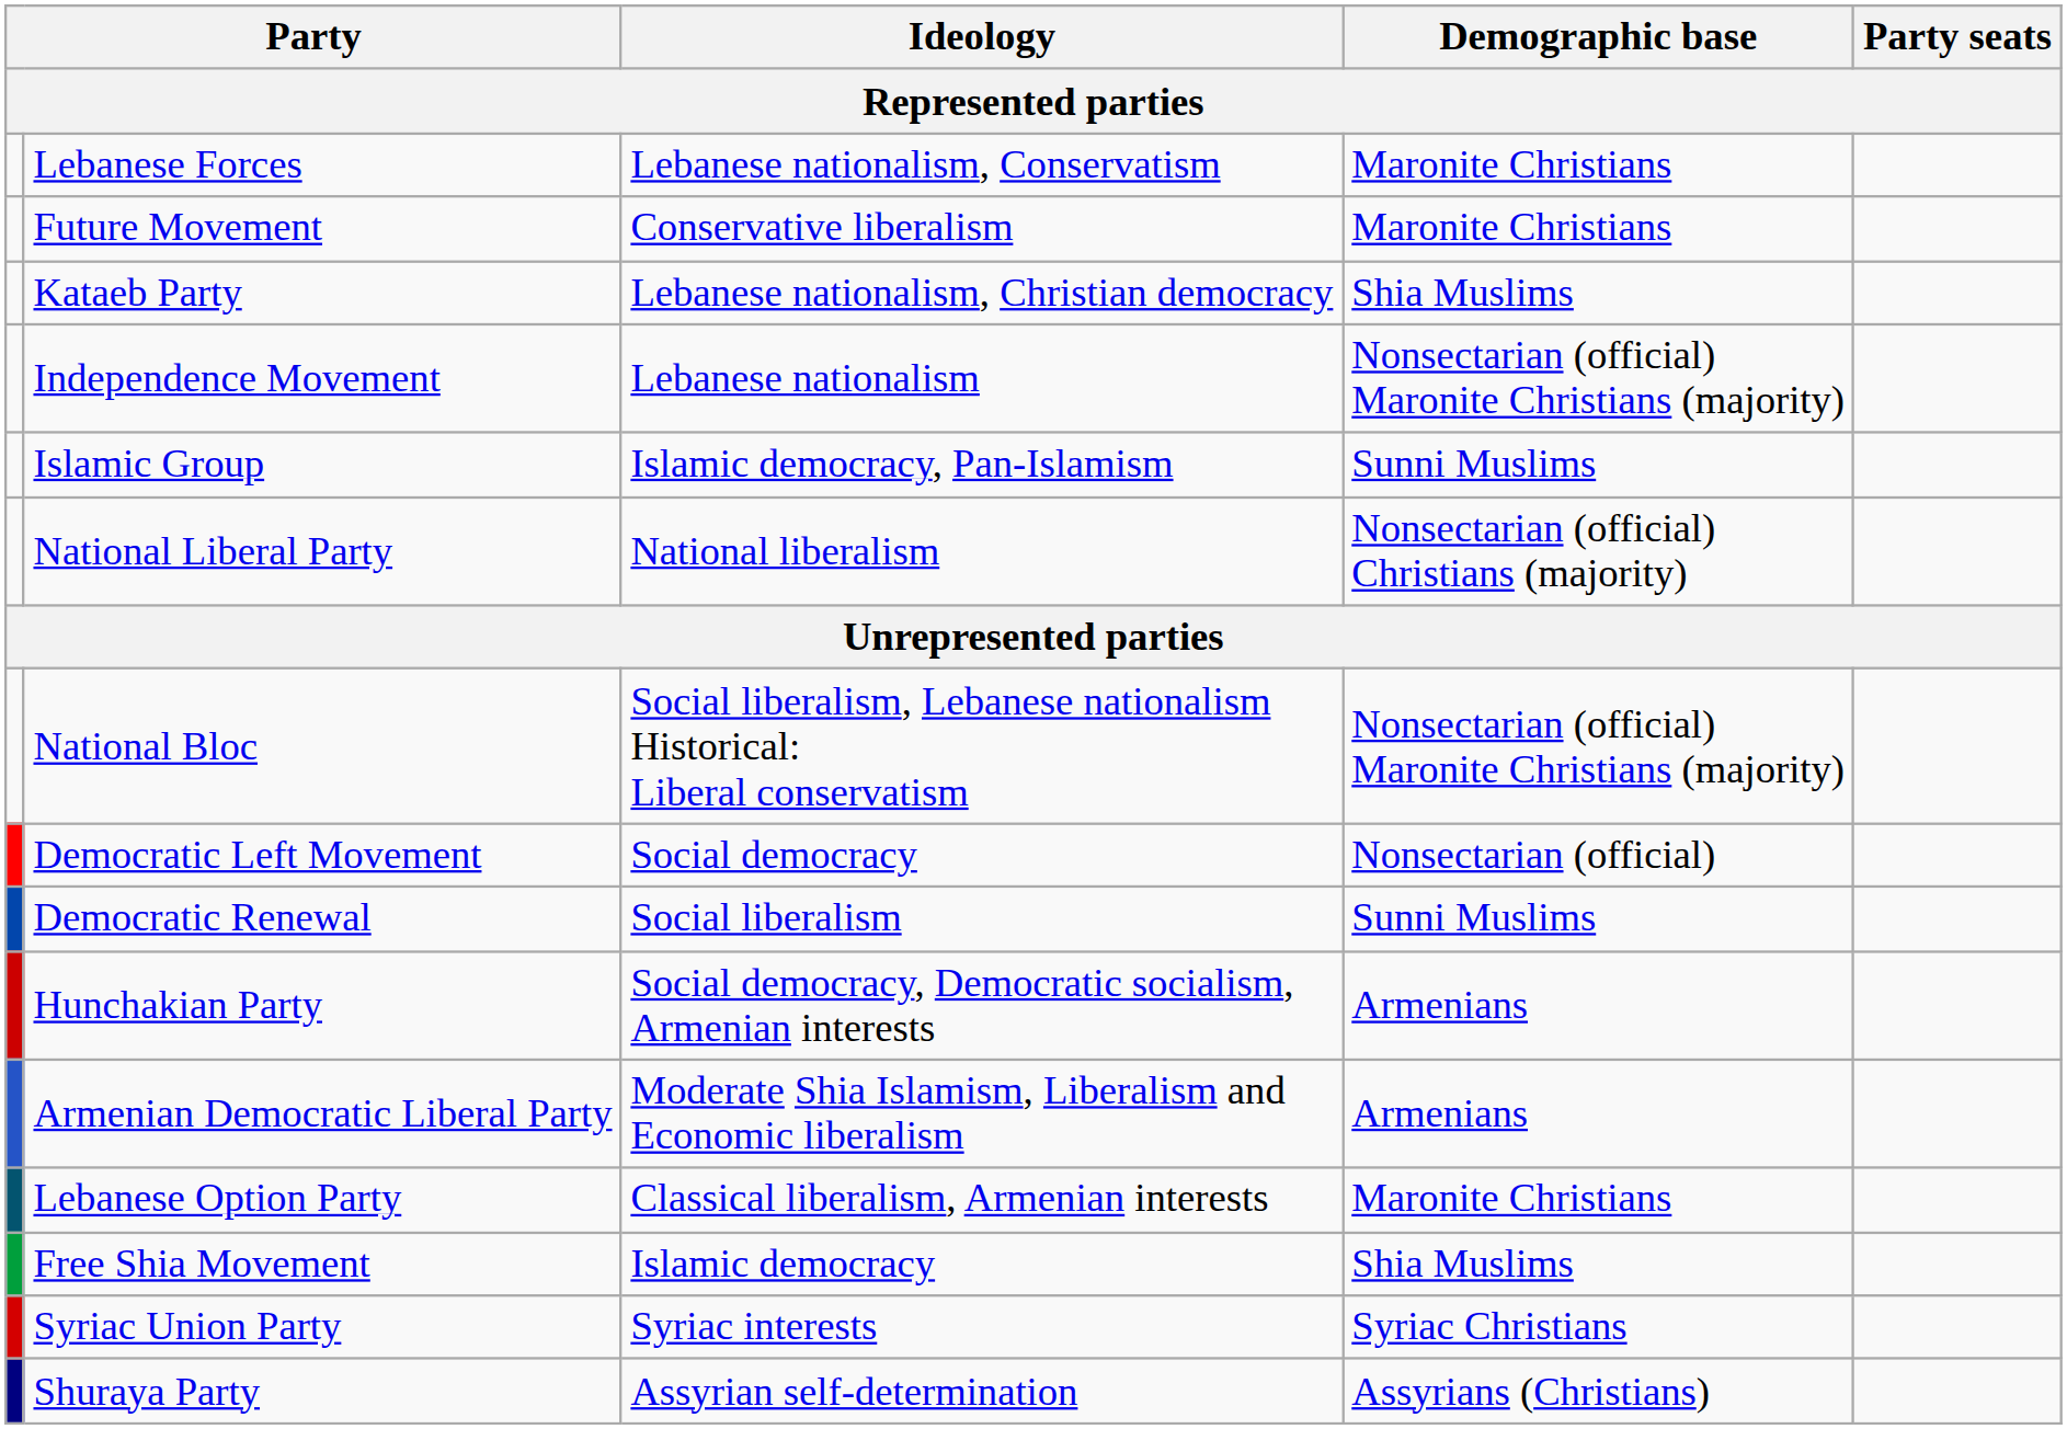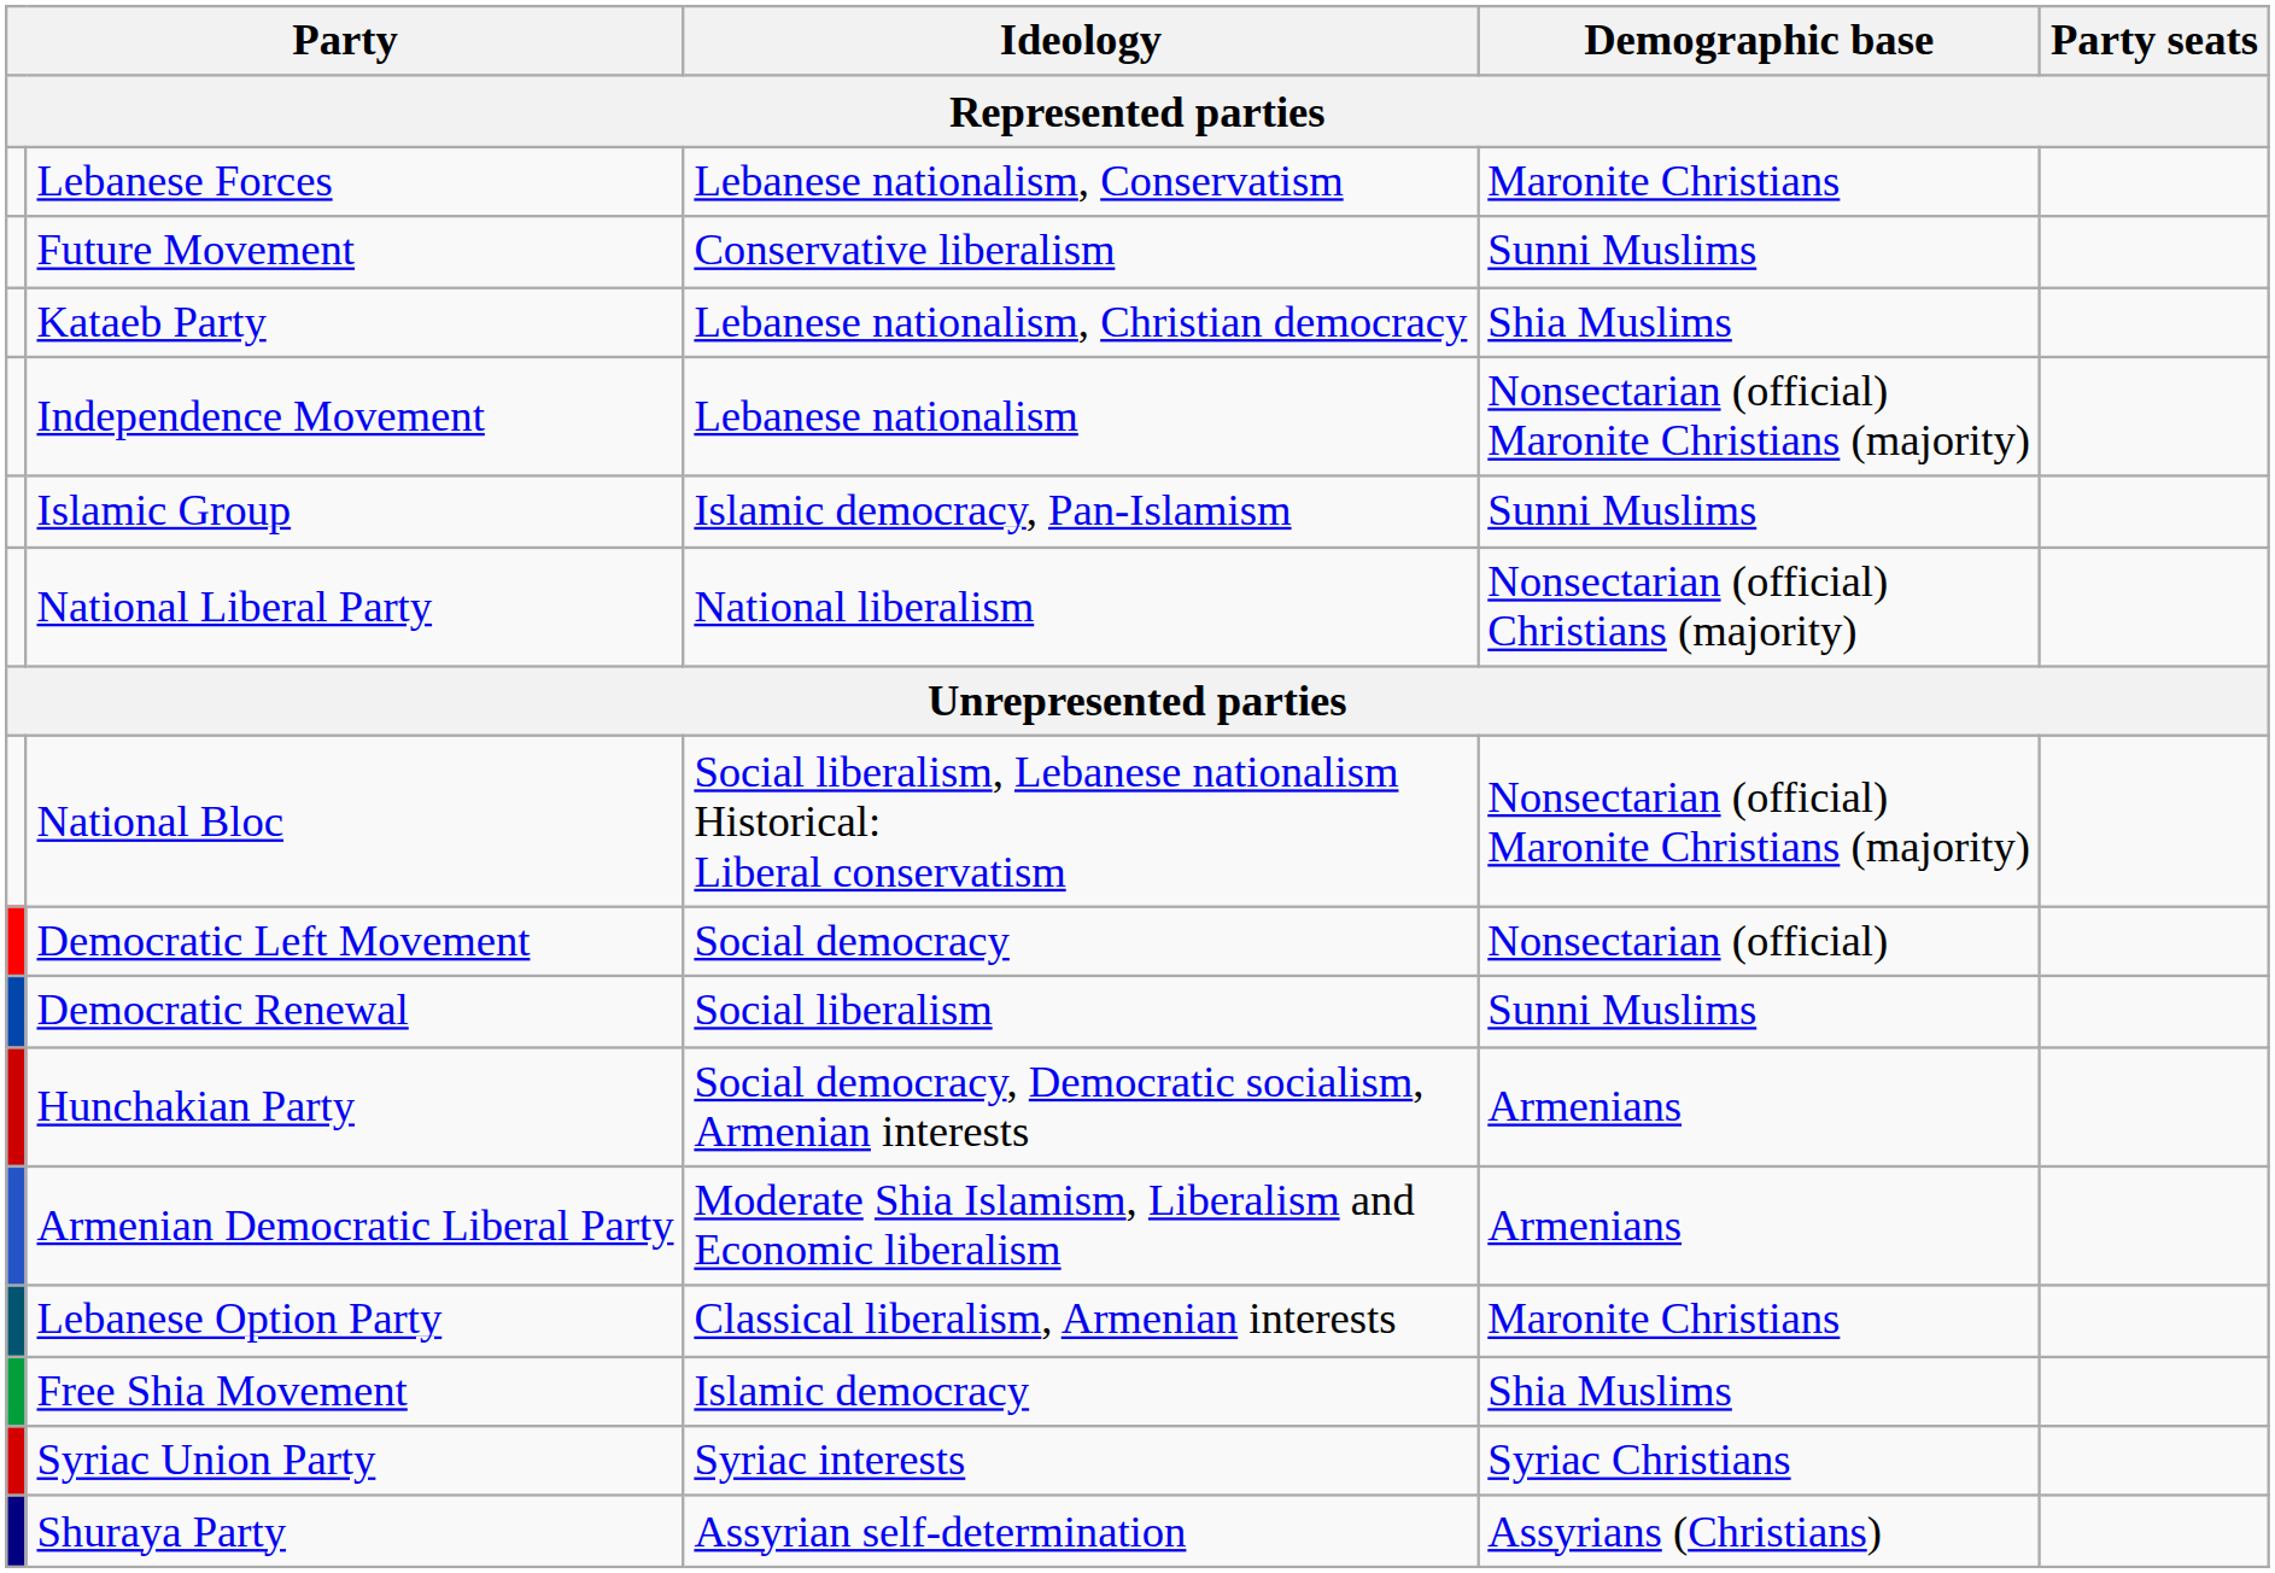 <table class=wikitable style=text-align:left>
 <tr>
 <th colspan=2>Party</th>
 <th>Ideology</th>
 <th>Demographic base</th>
 <th>Party seats</th>
 </tr>
 <tr>
 <th colspan=5>Represented parties</th>
 </tr>
 <tr>
 <td></td>
 <td><a href='#'>Lebanese Forces</a></td>
 <td><a href='#'>Lebanese nationalism</a>, <a href='#'>Conservatism</a></td>
 <td><a href='#'>Maronite Christians</a></td>
 <td></td>
 </tr>
 <tr>
 <td></td>
 <td><a href='#'>Future Movement</a></td>
 <td><a href='#'>Conservative liberalism</a></td>
-<td><a href='#'>Maronite Christians</a></td>
+<td><a href='#'>Sunni Muslims</a></td>
 <td></td>
 </tr>
 <tr>
 <td></td>
 <td><a href='#'>Kataeb Party</a></td>
 <td><a href='#'>Lebanese nationalism</a>, <a href='#'>Christian democracy</a></td>
 <td><a href='#'>Shia Muslims</a></td>
 <td></td>
 </tr>
 <tr>
 <td></td>
 <td><a href='#'>Independence Movement</a></td>
 <td><a href='#'>Lebanese nationalism</a></td>
 <td><a href='#'>Nonsectarian</a> (official)<br><a href='#'>Maronite Christians</a> (majority)</td>
 <td></td>
 </tr>
 <tr>
 <td></td>
 <td><a href='#'>Islamic Group</a></td>
 <td><a href='#'>Islamic democracy</a>, <a href='#'>Pan-Islamism</a></td>
 <td><a href='#'>Sunni Muslims</a></td>
 <td></td>
 </tr>
 <tr>
 <td></td>
 <td><a href='#'>National Liberal Party</a></td>
 <td><a href='#'>National liberalism</a></td>
 <td><a href='#'>Nonsectarian</a> (official)<br><a href='#'>Christians</a> (majority)</td>
 <td></td>
 </tr>
 <tr>
 <th colspan=5>Unrepresented parties</th>
 </tr>
 <tr>
 <td></td>
 <td><a href='#'>National Bloc</a></td>
 <td><a href='#'>Social liberalism</a>, <a href='#'>Lebanese nationalism</a><br>Historical:<br><a href='#'>Liberal conservatism</a></td>
 <td><a href='#'>Nonsectarian</a> (official)<br><a href='#'>Maronite Christians</a> (majority)</td>
 <td></td>
 </tr>
 <tr>
 <td bgcolor="#FF0000"></td>
 <td><a href='#'>Democratic Left Movement</a></td>
 <td><a href='#'>Social democracy</a></td>
 <td><a href='#'>Nonsectarian</a> (official)</td>
 <td></td>
 </tr>
 <tr>
 <td bgcolor="#0246AC"></td>
 <td><a href='#'>Democratic Renewal</a></td>
 <td><a href='#'>Social liberalism</a></td>
 <td><a href='#'>Sunni Muslims</a></td>
 <td></td>
 </tr>
 <tr>
 <td bgcolor="#CC0000"></td>
 <td><a href='#'>Hunchakian Party</a></td>
 <td><a href='#'>Social democracy</a>, <a href='#'>Democratic socialism</a>,<br><a href='#'>Armenian</a> interests</td>
 <td><a href='#'>Armenians</a></td>
 <td></td>
 </tr>
 <tr>
 <td bgcolor="#2554C7"></td>
 <td><a href='#'>Armenian Democratic Liberal Party</a></td>
 <td><a href='#'>Moderate</a> <a href='#'>Shia Islamism</a>, <a href='#'>Liberalism</a> and<br><a href='#'>Economic liberalism</a></td>
 <td><a href='#'>Armenians</a></td>
 <td></td>
 </tr>
 <tr>
 <td bgcolor="#03546f"></td>
 <td><a href='#'>Lebanese Option Party</a></td>
 <td><a href='#'>Classical liberalism</a>, <a href='#'>Armenian</a> interests</td>
 <td><a href='#'>Maronite Christians</a></td>
 <td></td>
 </tr>
 <tr>
 <td bgcolor="#009F3C"></td>
 <td><a href='#'>Free Shia Movement</a></td>
 <td><a href='#'>Islamic democracy</a></td>
 <td><a href='#'>Shia Muslims</a></td>
 <td></td>
 </tr>
 <tr>
 <td bgcolor="#D40000"></td>
 <td><a href='#'>Syriac Union Party</a></td>
 <td><a href='#'>Syriac interests</a></td>
 <td><a href='#'>Syriac Christians</a></td>
 <td></td>
 </tr>
 <tr>
 <td bgcolor="#000080"></td>
 <td><a href='#'>Shuraya Party</a></td>
 <td><a href='#'>Assyrian self-determination</a></td>
 <td><a href='#'>Assyrians</a> (<a href='#'>Christians</a>)</td>
 <td></td>
 </tr>
 </table>
